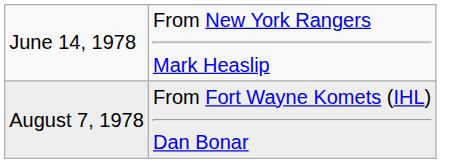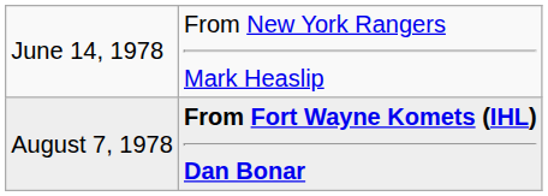 <table class="wikitable">
 <tr>
 <td>June 14, 1978</td>
 <td valign="top">From <a href='#'>New York Rangers</a><hr><a href='#'>Mark Heaslip</a></td>
 </tr>
 <tr style="background:#eee;">
 <td>August 7, 1978</td>
-<td valign="top">From <a href='#'>Fort Wayne Komets</a> (<a href='#'>IHL</a>)<hr><a href='#'>Dan Bonar</a></td>
+<td valign="top"><strong>From <a href='#'>Fort Wayne Komets</a> (<a href='#'>IHL</a>)<hr><a href='#'>Dan Bonar</a></strong></td>
 </tr>
 </table>
